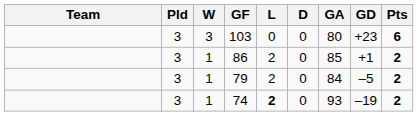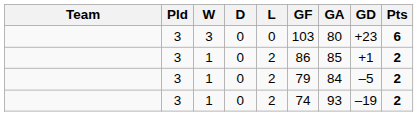 <table class="wikitable" style="text-align: center;">
 <tr>
 <th width="180">Team</th>
 <th width="30">Pld</th>
 <th width="30">W</th>
+<th width="30">D</th>
+<th width="30">L</th>
 <th width="30">GF</th>
-<th width="30">L</th>
-<th width="30">D</th>
 <th width="30">GA</th>
 <th width="30">GD</th>
 <th width="30">Pts</th>
 </tr>
 <tr>
 <td align="left"></td>
 <td>3</td>
 <td>3</td>
-<td>103</td>
 <td>0</td>
 <td>0</td>
+<td>103</td>
 <td>80</td>
 <td>+23</td>
 <td><strong>6</strong></td>
 </tr>
 <tr>
 <td align="left"></td>
 <td>3</td>
 <td>1</td>
+<td>0</td>
+<td>2</td>
 <td>86</td>
-<td>2</td>
-<td>0</td>
 <td>85</td>
 <td>+1</td>
 <td><strong>2</strong></td>
 </tr>
 <tr>
 <td align="left"></td>
 <td>3</td>
 <td>1</td>
+<td>0</td>
+<td>2</td>
 <td>79</td>
-<td>2</td>
-<td>0</td>
 <td>84</td>
 <td>–5</td>
 <td><strong>2</strong></td>
 </tr>
 <tr>
 <td align="left"></td>
 <td>3</td>
 <td>1</td>
+<td>0</td>
+<td>2</td>
 <td>74</td>
-<td><strong>2</strong></td>
-<td>0</td>
 <td>93</td>
 <td>–19</td>
 <td><strong>2</strong></td>
 </tr>
 </table>
